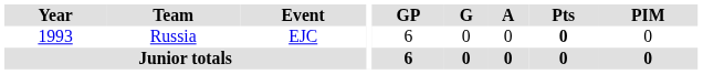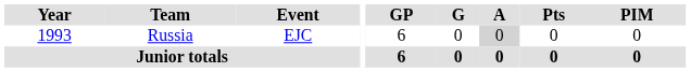 <table border="0" cellpadding="1" cellspacing="0" ID="Table3" style="text-align:center; width:40em">
 <tr ALIGN="center" bgcolor="#e0e0e0">
 <th>Year</th>
 <th>Team</th>
 <th>Event</th>
 <th rowspan="99" bgcolor="#ffffff"></th>
 <th>GP</th>
 <th>G</th>
 <th>A</th>
 <th>Pts</th>
 <th>PIM</th>
 </tr>
 <tr>
 <td><a href='#'>1993</a></td>
 <td><a href='#'>Russia</a></td>
 <td><a href='#'>EJC</a></td>
 <td>6</td>
 <td>0</td>
+<td style="background: lightgrey;">0</td>
 <td>0</td>
-<td><strong>0</strong></td>
 <td>0</td>
 </tr>
 <tr bgcolor="#e0e0e0">
 <th colspan="3">Junior totals</th>
 <th>6</th>
 <th>0</th>
 <th>0</th>
 <th>0</th>
 <th>0</th>
 </tr>
 </table>
